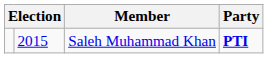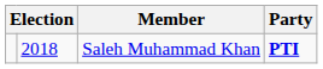 <table class="wikitable">
 <tr>
 <th colspan="2">Election</th>
 <th>Member</th>
 <th>Party</th>
 </tr>
 <tr>
 <td style="background-color: "></td>
-<td><a href='#'>2015</a></td>
+<td><a href='#'>2018</a></td>
 <td><a href='#'>Saleh Muhammad Khan</a></td>
 <td><strong><a href='#'>PTI</a></strong></td>
 </tr>
 </table>
